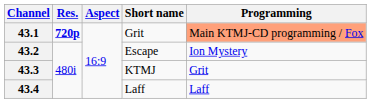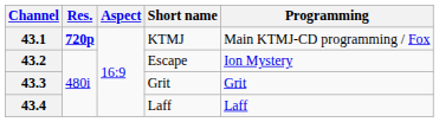 <table class="wikitable">
 <tr>
 <th scope = "col"><a href='#'>Channel</a></th>
 <th scope = "col"><a href='#'>Res.</a></th>
 <th scope = "col"><a href='#'>Aspect</a></th>
 <th scope = "col">Short name</th>
 <th scope = "col">Programming</th>
 </tr>
 <tr>
 <th scope = "row">43.1</th>
 <td><strong><a href='#'>720p</a></strong></td>
 <td rowspan=4><a href='#'>16:9</a></td>
-<td>Grit</td>
-<td style="background: lightsalmon;">Main KTMJ-CD programming / <a href='#'>Fox</a></td>
+<td>KTMJ</td>
+<td>Main KTMJ-CD programming / <a href='#'>Fox</a></td>
 </tr>
 <tr>
 <th scope = "row">43.2</th>
 <td rowspan="3"><a href='#'>480i</a></td>
 <td>Escape</td>
 <td><a href='#'>Ion Mystery</a></td>
 </tr>
 <tr>
 <th scope = "row">43.3</th>
-<td>KTMJ</td>
+<td>Grit</td>
 <td><a href='#'>Grit</a></td>
 </tr>
 <tr>
 <th scope = "row">43.4</th>
 <td>Laff</td>
 <td><a href='#'>Laff</a></td>
 </tr>
 </table>
